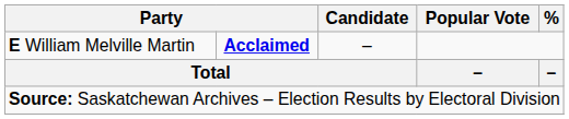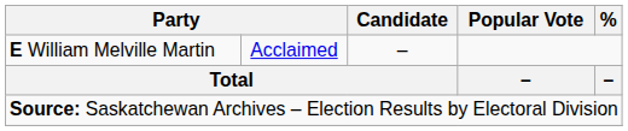 <table class="wikitable">
 <tr>
 <th colspan="2">Party</th>
 <th>Candidate</th>
 <th>Popular Vote</th>
 <th>%</th>
 </tr>
 <tr>
 <td><strong>E</strong> William Melville Martin</td>
-<td align=center><strong><a href='#'>Acclaimed</a></strong></td>
+<td align=center><a href='#'>Acclaimed</a></td>
 <td align=center>–</td>
 </tr>
 <tr>
 <th colspan=3>Total</th>
 <th>–</th>
 <th>–</th>
 </tr>
 <tr>
 <td align="center" colspan=5><strong>Source:</strong>  Saskatchewan Archives – Election Results by Electoral Division</td>
 </tr>
 <tr>
 </tr>
 </table>
